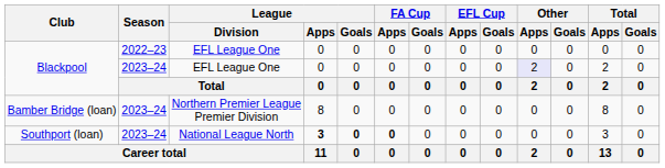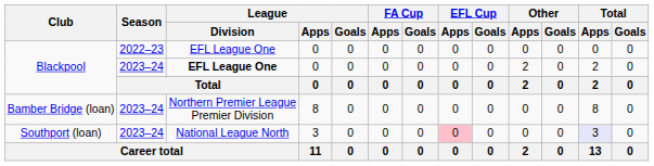 <table class="wikitable" style="text-align:center;">
 <tr>
 <th rowspan="2">Club</th>
 <th rowspan="2">Season</th>
 <th colspan="3">League</th>
 <th colspan="2"><a href='#'>FA Cup</a></th>
 <th colspan="2"><a href='#'>EFL Cup</a></th>
 <th colspan="2">Other</th>
 <th colspan="2">Total</th>
 </tr>
 <tr>
 <th>Division</th>
 <th>Apps</th>
 <th>Goals</th>
 <th>Apps</th>
 <th>Goals</th>
 <th>Apps</th>
 <th>Goals</th>
 <th>Apps</th>
 <th>Goals</th>
 <th>Apps</th>
 <th>Goals</th>
 </tr>
 <tr>
 <td rowspan="3"><a href='#'>Blackpool</a></td>
 <td><a href='#'>2022–23</a></td>
 <td><a href='#'>EFL League One</a></td>
 <td>0</td>
 <td>0</td>
 <td>0</td>
 <td>0</td>
 <td>0</td>
 <td>0</td>
 <td>0</td>
 <td>0</td>
 <td>0</td>
 <td>0</td>
 </tr>
 <tr>
 <td><a href='#'>2023–24</a></td>
-<td>EFL League One</td>
+<td><strong>EFL League One</strong></td>
 <td>0</td>
 <td>0</td>
 <td>0</td>
 <td>0</td>
 <td>0</td>
 <td>0</td>
-<td style="background: lavender;">2</td>
+<td>2</td>
 <td>0</td>
 <td>2</td>
 <td>0</td>
 </tr>
 <tr>
 <th colspan="2">Total</th>
 <th>0</th>
 <th>0</th>
 <th>0</th>
 <th>0</th>
 <th>0</th>
 <th>0</th>
 <th>2</th>
 <th>0</th>
 <th>2</th>
 <th>0</th>
 </tr>
 <tr>
 <td><a href='#'>Bamber Bridge</a> (loan)</td>
 <td><a href='#'>2023–24</a></td>
 <td><a href='#'>Northern Premier League</a><br>Premier Division</td>
 <td>8</td>
 <td>0</td>
 <td>0</td>
 <td>0</td>
 <td>0</td>
 <td>0</td>
 <td>0</td>
 <td>0</td>
 <td>8</td>
 <td>0</td>
 </tr>
 <tr>
 <td><a href='#'>Southport</a> (loan)</td>
 <td><a href='#'>2023–24</a></td>
 <td><a href='#'>National League North</a></td>
-<td><strong>3</strong></td>
-<td><strong>0</strong></td>
-<td><strong>0</strong></td>
+<td>3</td>
 <td>0</td>
 <td>0</td>
 <td>0</td>
+<td style="background: pink;">0</td>
 <td>0</td>
 <td>0</td>
-<td>3</td>
+<td>0</td>
+<td style="background: lavender;">3</td>
 <td>0</td>
 </tr>
 <tr>
 <th colspan="3">Career total</th>
 <th>11</th>
 <th>0</th>
 <th>0</th>
 <th>0</th>
 <th>0</th>
 <th>0</th>
 <th>2</th>
 <th>0</th>
 <th>13</th>
 <th>0</th>
 </tr>
 </table>
